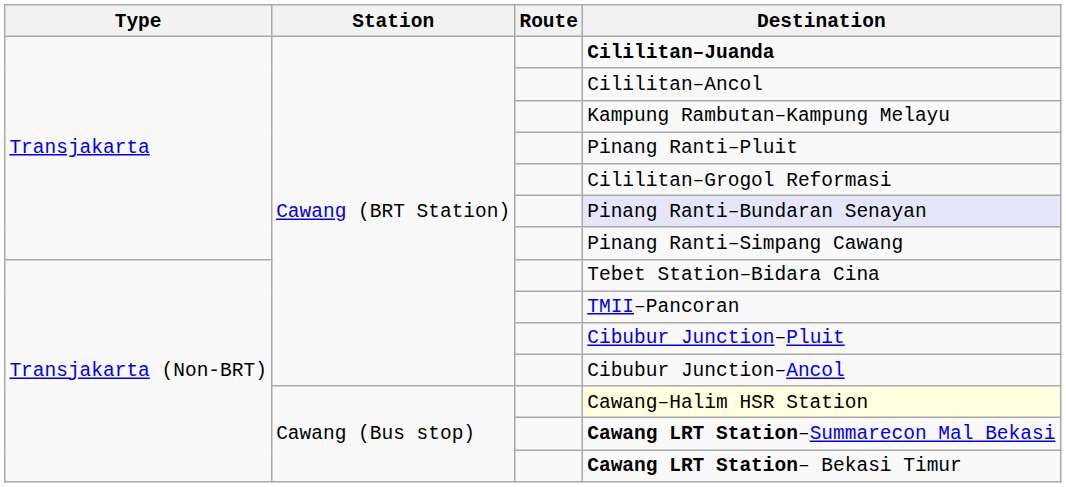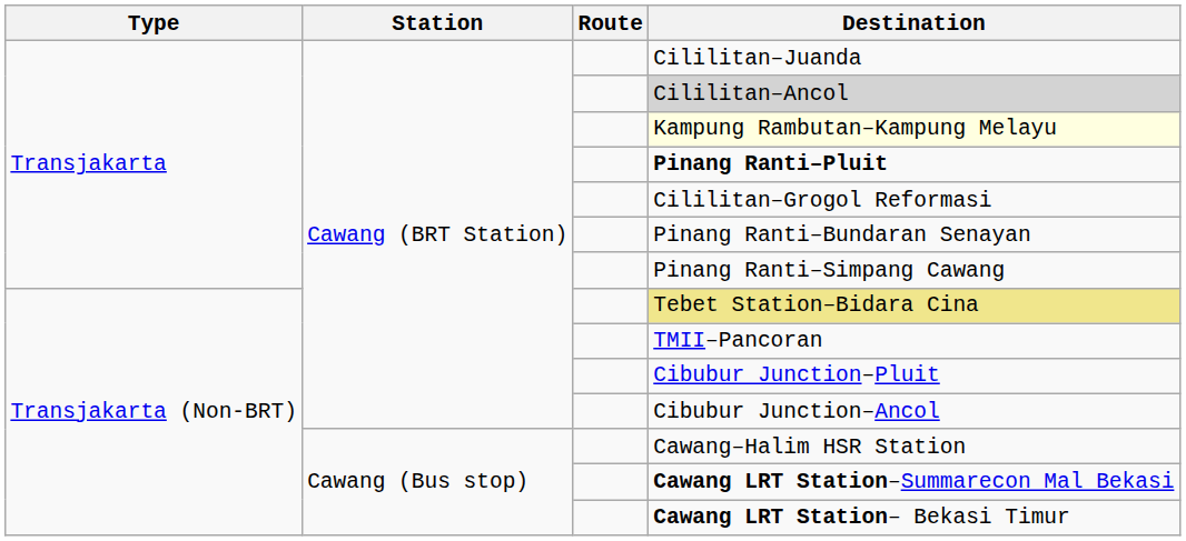 <table class="wikitable">
 <tr>
 <th>Type</th>
 <th>Station</th>
 <th>Route</th>
 <th>Destination</th>
 </tr>
 <tr>
 <td rowspan="7"><a href='#'>Transjakarta</a></td>
 <td rowspan="11"><a href='#'>Cawang</a> (BRT Station)</td>
 <td></td>
-<td><strong>Cililitan–Juanda</strong></td>
+<td>Cililitan–Juanda</td>
 </tr>
 <tr>
 <td></td>
-<td>Cililitan–Ancol</td>
+<td style="background: lightgrey;">Cililitan–Ancol</td>
 </tr>
 <tr>
 <td></td>
-<td>Kampung Rambutan–Kampung Melayu</td>
+<td style="background: lightyellow;">Kampung Rambutan–Kampung Melayu</td>
 </tr>
 <tr>
 <td></td>
-<td>Pinang Ranti–Pluit</td>
+<td><strong>Pinang Ranti–Pluit</strong></td>
 </tr>
 <tr>
 <td></td>
 <td>Cililitan–Grogol Reformasi</td>
 </tr>
 <tr>
 <td></td>
-<td style="background: lavender;">Pinang Ranti–Bundaran Senayan</td>
+<td>Pinang Ranti–Bundaran Senayan</td>
 </tr>
 <tr>
 <td></td>
 <td>Pinang Ranti–Simpang Cawang</td>
 </tr>
 <tr>
 <td rowspan="7"><a href='#'>Transjakarta</a> (Non-BRT)</td>
 <td></td>
-<td>Tebet Station–Bidara Cina</td>
+<td style="background: khaki;">Tebet Station–Bidara Cina</td>
 </tr>
 <tr>
 <td></td>
 <td><a href='#'>TMII</a>–Pancoran</td>
 </tr>
 <tr>
 <td></td>
 <td><a href='#'>Cibubur Junction</a>–<a href='#'>Pluit</a></td>
 </tr>
 <tr>
 <td></td>
 <td>Cibubur Junction–<a href='#'>Ancol</a></td>
 </tr>
 <tr>
 <td rowspan="3">Cawang (Bus stop)</td>
 <td></td>
-<td style="background: lightyellow;">Cawang–Halim HSR Station</td>
+<td>Cawang–Halim HSR Station</td>
 </tr>
 <tr>
 <td></td>
 <td><strong>Cawang LRT Station</strong>–<a href='#'>Summarecon Mal Bekasi</a></td>
 </tr>
 <tr>
 <td></td>
 <td><strong>Cawang LRT Station</strong>– Bekasi Timur</td>
 </tr>
 </table>
